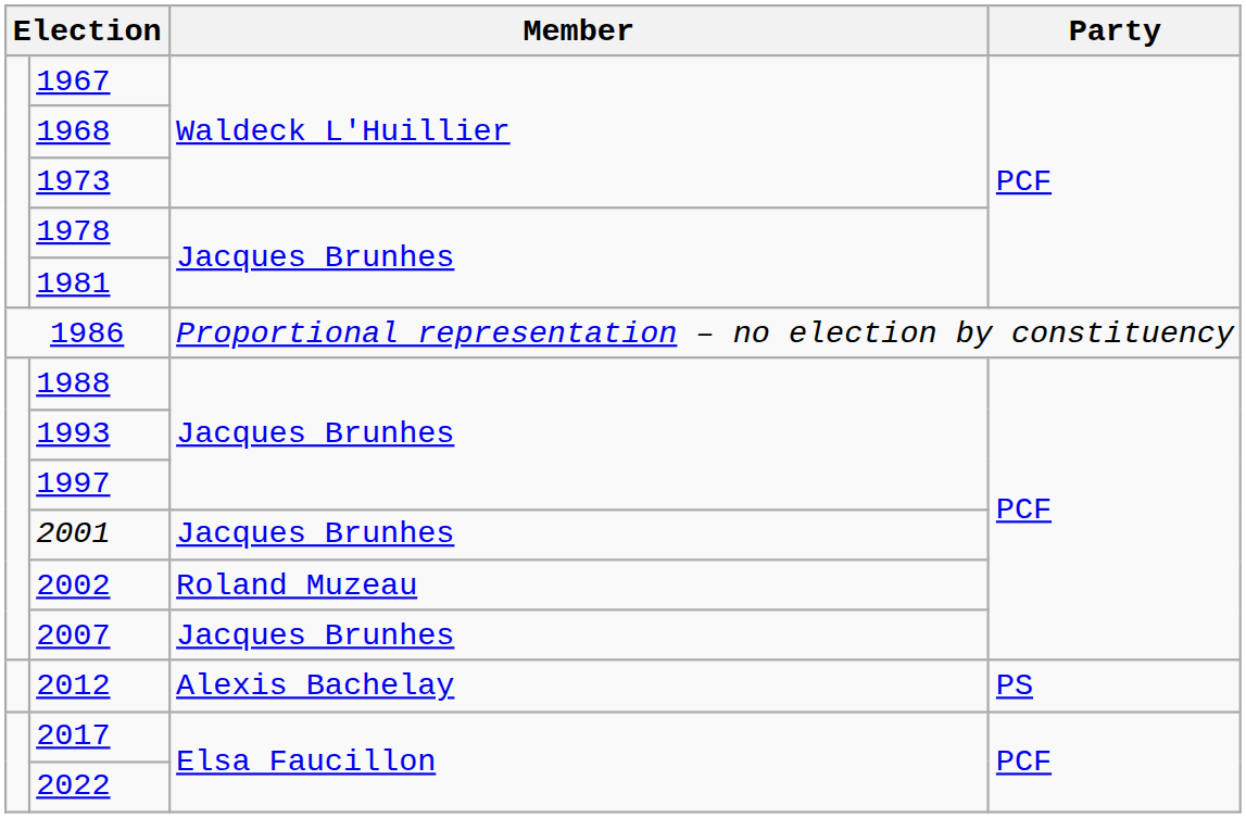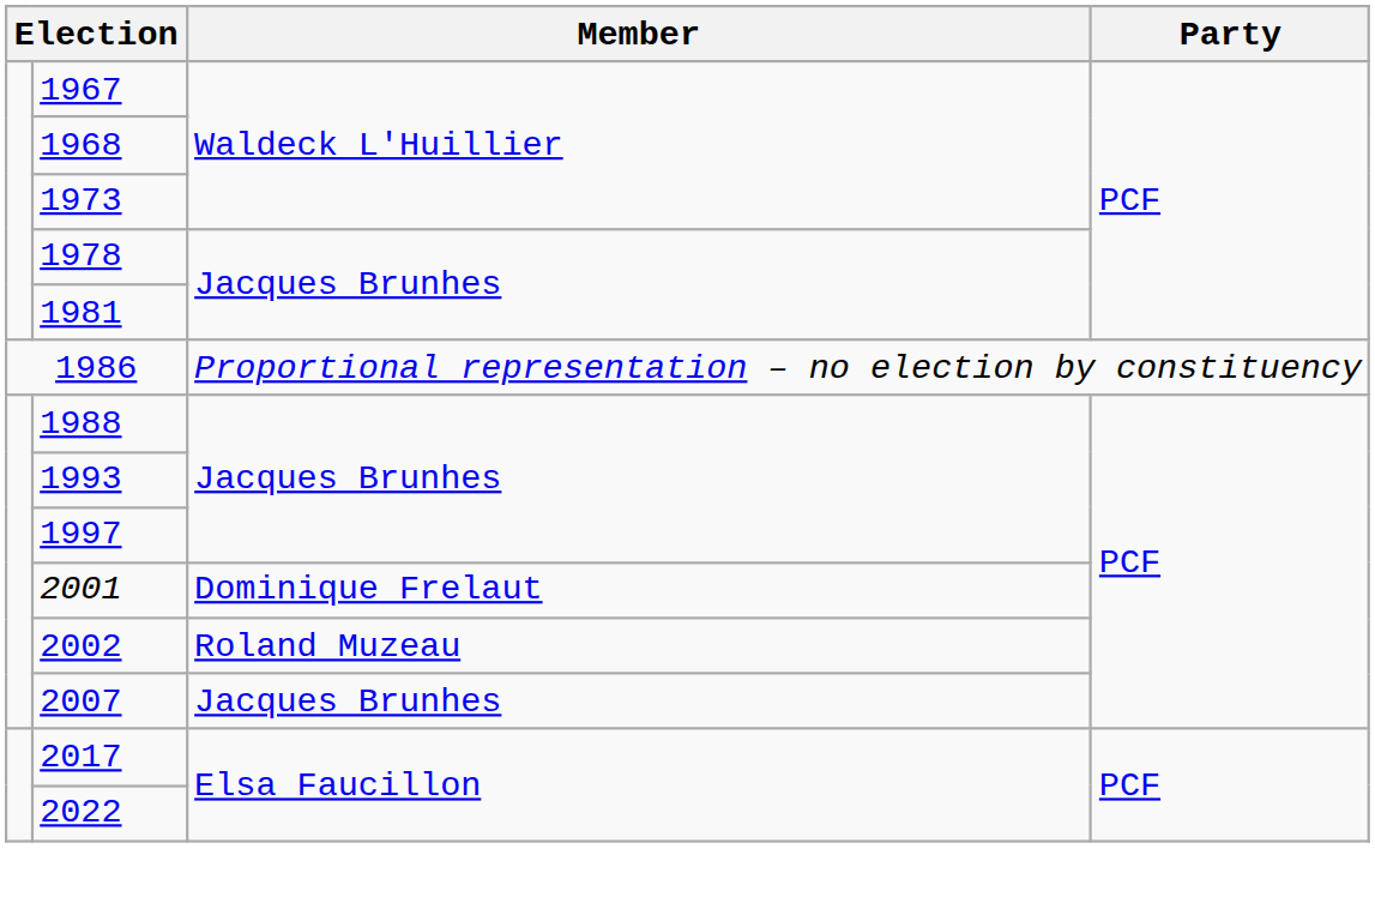 <table class="wikitable">
 <tr>
 <th colspan="2">Election</th>
 <th>Member</th>
 <th>Party</th>
 </tr>
 <tr>
 <td rowspan="5" style="color:inherit;background-color: "></td>
 <td><a href='#'>1967</a></td>
 <td rowspan="3"><a href='#'>Waldeck L'Huillier</a></td>
 <td rowspan="5"><a href='#'>PCF</a></td>
 </tr>
 <tr>
 <td><a href='#'>1968</a></td>
 </tr>
 <tr>
 <td><a href='#'>1973</a></td>
 </tr>
 <tr>
 <td><a href='#'>1978</a></td>
 <td rowspan="2"><a href='#'>Jacques Brunhes</a></td>
 </tr>
 <tr>
 <td><a href='#'>1981</a></td>
 </tr>
 <tr>
 <td colspan="2" align="center"><a href='#'>1986</a></td>
 <td colspan="2"><em><a href='#'>Proportional representation</a> – no election by constituency</em></td>
 </tr>
 <tr>
 <td rowspan="6" style="color:inherit;background-color: "></td>
 <td><a href='#'>1988</a></td>
 <td rowspan="3"><a href='#'>Jacques Brunhes</a></td>
 <td rowspan="6"><a href='#'>PCF</a></td>
 </tr>
 <tr>
 <td><a href='#'>1993</a></td>
 </tr>
 <tr>
 <td><a href='#'>1997</a></td>
 </tr>
 <tr>
 <td><em>2001</em></td>
-<td><a href='#'>Jacques Brunhes</a></td>
+<td><a href='#'>Dominique Frelaut</a></td>
 </tr>
 <tr>
 <td><a href='#'>2002</a></td>
 <td><a href='#'>Roland Muzeau</a></td>
 </tr>
 <tr>
 <td><a href='#'>2007</a></td>
 <td><a href='#'>Jacques Brunhes</a></td>
-</tr>
-<tr>
-<td style="color:inherit;background-color: "></td>
-<td><a href='#'>2012</a></td>
-<td><a href='#'>Alexis Bachelay</a></td>
-<td><a href='#'>PS</a></td>
 </tr>
 <tr>
 <td rowspan="2" style="color:inherit;background-color: "></td>
 <td><a href='#'>2017</a></td>
 <td rowspan="2"><a href='#'>Elsa Faucillon</a></td>
 <td rowspan="2"><a href='#'>PCF</a></td>
 </tr>
 <tr>
 <td><a href='#'>2022</a></td>
 </tr>
 </table>
